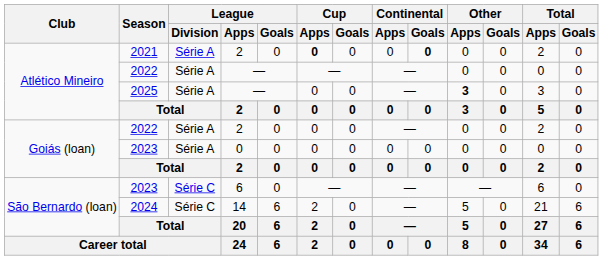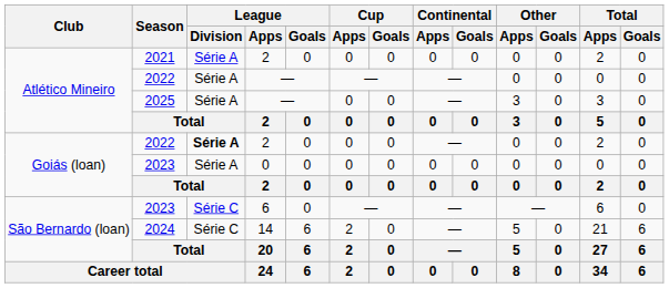 <table class="wikitable" style="text-align: center;">
 <tr>
 <th rowspan="2">Club</th>
 <th rowspan="2">Season</th>
 <th colspan="3">League</th>
 <th colspan="2">Cup</th>
 <th colspan="2">Continental</th>
 <th colspan="2">Other</th>
 <th colspan="2">Total</th>
 </tr>
 <tr>
 <th>Division</th>
 <th>Apps</th>
 <th>Goals</th>
 <th>Apps</th>
 <th>Goals</th>
 <th>Apps</th>
 <th>Goals</th>
 <th>Apps</th>
 <th>Goals</th>
 <th>Apps</th>
 <th>Goals</th>
 </tr>
 <tr>
 <td rowspan=4><a href='#'>Atlético Mineiro</a></td>
 <td><a href='#'>2021</a></td>
 <td><a href='#'>Série A</a></td>
 <td>2</td>
 <td>0</td>
-<td><strong>0</strong></td>
 <td>0</td>
 <td>0</td>
-<td><strong>0</strong></td>
+<td>0</td>
+<td>0</td>
 <td>0</td>
 <td>0</td>
 <td>2</td>
 <td>0</td>
 </tr>
 <tr>
 <td><a href='#'>2022</a></td>
 <td>Série A</td>
 <td colspan="2">—</td>
 <td colspan="2">—</td>
 <td colspan="2">—</td>
 <td>0</td>
 <td>0</td>
 <td>0</td>
 <td>0</td>
 </tr>
 <tr>
 <td><a href='#'>2025</a></td>
 <td>Série A</td>
 <td colspan="2">—</td>
 <td>0</td>
 <td>0</td>
 <td colspan="2">—</td>
-<td><strong>3</strong></td>
+<td>3</td>
 <td>0</td>
 <td>3</td>
 <td>0</td>
 </tr>
 <tr>
 <th colspan="2">Total</th>
 <th>2</th>
 <th>0</th>
 <th>0</th>
 <th>0</th>
 <th>0</th>
 <th>0</th>
 <th>3</th>
 <th>0</th>
 <th>5</th>
 <th>0</th>
 </tr>
 <tr>
 <td rowspan=3><a href='#'>Goiás</a> (loan)</td>
 <td><a href='#'>2022</a></td>
-<td>Série A</td>
+<td><strong>Série A</strong></td>
 <td>2</td>
 <td>0</td>
 <td>0</td>
 <td>0</td>
 <td colspan="2">—</td>
 <td>0</td>
 <td>0</td>
 <td>2</td>
 <td>0</td>
 </tr>
 <tr>
 <td><a href='#'>2023</a></td>
 <td>Série A</td>
 <td>0</td>
 <td>0</td>
 <td>0</td>
 <td>0</td>
 <td>0</td>
 <td>0</td>
 <td>0</td>
 <td>0</td>
 <td>0</td>
 <td>0</td>
 </tr>
 <tr>
 <th colspan="2">Total</th>
 <th>2</th>
 <th>0</th>
 <th>0</th>
 <th>0</th>
 <th>0</th>
 <th>0</th>
 <th>0</th>
 <th>0</th>
 <th>2</th>
 <th>0</th>
 </tr>
 <tr>
 <td rowspan=3><a href='#'>São Bernardo</a> (loan)</td>
 <td><a href='#'>2023</a></td>
 <td><a href='#'>Série C</a></td>
 <td>6</td>
 <td>0</td>
 <td colspan="2">—</td>
 <td colspan="2">—</td>
 <td colspan="2">—</td>
 <td>6</td>
 <td>0</td>
 </tr>
 <tr>
 <td><a href='#'>2024</a></td>
 <td>Série C</td>
 <td>14</td>
 <td>6</td>
 <td>2</td>
 <td>0</td>
 <td colspan="2">—</td>
 <td>5</td>
 <td>0</td>
 <td>21</td>
 <td>6</td>
 </tr>
 <tr>
 <th colspan="2">Total</th>
 <th>20</th>
 <th>6</th>
 <th>2</th>
 <th>0</th>
 <th colspan="2">—</th>
 <th>5</th>
 <th>0</th>
 <th>27</th>
 <th>6</th>
 </tr>
 <tr>
 <th colspan="3">Career total</th>
 <th>24</th>
 <th>6</th>
 <th>2</th>
 <th>0</th>
 <th>0</th>
 <th>0</th>
 <th>8</th>
 <th>0</th>
 <th>34</th>
 <th>6</th>
 </tr>
 </table>
